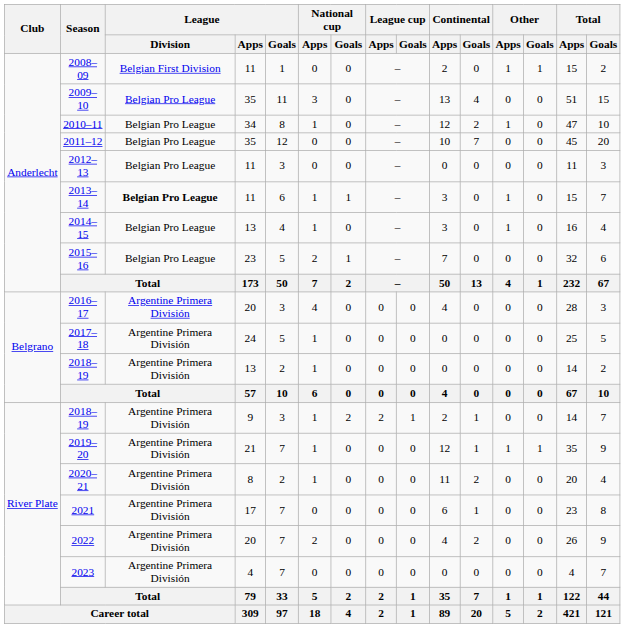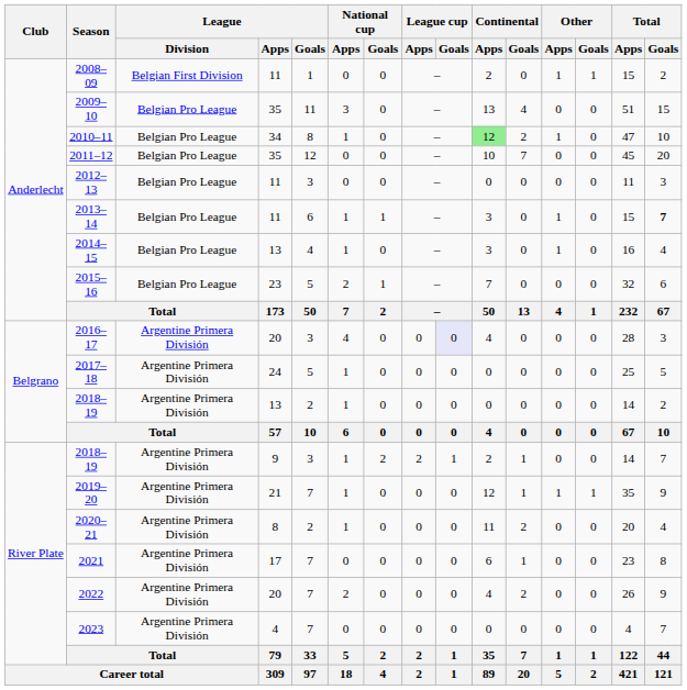 <table class="wikitable" style="text-align:center">
 <tr>
 <th rowspan="2">Club</th>
 <th rowspan="2">Season</th>
 <th colspan="3">League</th>
 <th colspan="2">National cup</th>
 <th colspan="2">League cup</th>
 <th colspan="2">Continental</th>
 <th colspan="2">Other</th>
 <th colspan="2">Total</th>
 </tr>
 <tr>
 <th>Division</th>
 <th>Apps</th>
 <th>Goals</th>
 <th>Apps</th>
 <th>Goals</th>
 <th>Apps</th>
 <th>Goals</th>
 <th>Apps</th>
 <th>Goals</th>
 <th>Apps</th>
 <th>Goals</th>
 <th>Apps</th>
 <th>Goals</th>
 </tr>
 <tr>
 <td rowspan="9"><a href='#'>Anderlecht</a></td>
 <td><a href='#'>2008–09</a></td>
 <td><a href='#'>Belgian First Division</a></td>
 <td>11</td>
 <td>1</td>
 <td>0</td>
 <td>0</td>
 <td colspan="2">–</td>
 <td>2</td>
 <td>0</td>
 <td>1</td>
 <td>1</td>
 <td>15</td>
 <td>2</td>
 </tr>
 <tr>
 <td><a href='#'>2009–10</a></td>
 <td><a href='#'>Belgian Pro League</a></td>
 <td>35</td>
 <td>11</td>
 <td>3</td>
 <td>0</td>
 <td colspan="2">–</td>
 <td>13</td>
 <td>4</td>
 <td>0</td>
 <td>0</td>
 <td>51</td>
 <td>15</td>
 </tr>
 <tr>
 <td><a href='#'>2010–11</a></td>
 <td>Belgian Pro League</td>
 <td>34</td>
 <td>8</td>
 <td>1</td>
 <td>0</td>
 <td colspan="2">–</td>
-<td>12</td>
+<td style="background: lightgreen;">12</td>
 <td>2</td>
 <td>1</td>
 <td>0</td>
 <td>47</td>
 <td>10</td>
 </tr>
 <tr>
 <td><a href='#'>2011–12</a></td>
 <td>Belgian Pro League</td>
 <td>35</td>
 <td>12</td>
 <td>0</td>
 <td>0</td>
 <td colspan="2">–</td>
 <td>10</td>
 <td>7</td>
 <td>0</td>
 <td>0</td>
 <td>45</td>
 <td>20</td>
 </tr>
 <tr>
 <td><a href='#'>2012–13</a></td>
 <td>Belgian Pro League</td>
 <td>11</td>
 <td>3</td>
 <td>0</td>
 <td>0</td>
 <td colspan="2">–</td>
 <td>0</td>
 <td>0</td>
 <td>0</td>
 <td>0</td>
 <td>11</td>
 <td>3</td>
 </tr>
 <tr>
 <td><a href='#'>2013–14</a></td>
-<td><strong>Belgian Pro League</strong></td>
+<td>Belgian Pro League</td>
 <td>11</td>
 <td>6</td>
 <td>1</td>
 <td>1</td>
 <td colspan="2">–</td>
 <td>3</td>
 <td>0</td>
 <td>1</td>
 <td>0</td>
 <td>15</td>
-<td>7</td>
+<td><strong>7</strong></td>
 </tr>
 <tr>
 <td><a href='#'>2014–15</a></td>
 <td>Belgian Pro League</td>
 <td>13</td>
 <td>4</td>
 <td>1</td>
 <td>0</td>
 <td colspan="2">–</td>
 <td>3</td>
 <td>0</td>
 <td>1</td>
 <td>0</td>
 <td>16</td>
 <td>4</td>
 </tr>
 <tr>
 <td><a href='#'>2015–16</a></td>
 <td>Belgian Pro League</td>
 <td>23</td>
 <td>5</td>
 <td>2</td>
 <td>1</td>
 <td colspan="2">–</td>
 <td>7</td>
 <td>0</td>
 <td>0</td>
 <td>0</td>
 <td>32</td>
 <td>6</td>
 </tr>
 <tr>
 <th colspan="2">Total</th>
 <th>173</th>
 <th>50</th>
 <th>7</th>
 <th>2</th>
 <th colspan="2">–</th>
 <th>50</th>
 <th>13</th>
 <th>4</th>
 <th>1</th>
 <th>232</th>
 <th>67</th>
 </tr>
 <tr>
 <td rowspan="4"><a href='#'>Belgrano</a></td>
 <td><a href='#'>2016–17</a></td>
 <td><a href='#'>Argentine Primera División</a></td>
 <td>20</td>
 <td>3</td>
 <td>4</td>
 <td>0</td>
 <td>0</td>
-<td>0</td>
+<td style="background: lavender;">0</td>
 <td>4</td>
 <td>0</td>
 <td>0</td>
 <td>0</td>
 <td>28</td>
 <td>3</td>
 </tr>
 <tr>
 <td><a href='#'>2017–18</a></td>
 <td>Argentine Primera División</td>
 <td>24</td>
 <td>5</td>
 <td>1</td>
 <td>0</td>
 <td>0</td>
 <td>0</td>
 <td>0</td>
 <td>0</td>
 <td>0</td>
 <td>0</td>
 <td>25</td>
 <td>5</td>
 </tr>
 <tr>
 <td><a href='#'>2018–19</a></td>
 <td>Argentine Primera División</td>
 <td>13</td>
 <td>2</td>
 <td>1</td>
 <td>0</td>
 <td>0</td>
 <td>0</td>
 <td>0</td>
 <td>0</td>
 <td>0</td>
 <td>0</td>
 <td>14</td>
 <td>2</td>
 </tr>
 <tr>
 <th colspan="2">Total</th>
 <th>57</th>
 <th>10</th>
 <th>6</th>
 <th>0</th>
 <th>0</th>
 <th>0</th>
 <th>4</th>
 <th>0</th>
 <th>0</th>
 <th>0</th>
 <th>67</th>
 <th>10</th>
 </tr>
 <tr>
 <td rowspan="7"><a href='#'>River Plate</a></td>
 <td><a href='#'>2018–19</a></td>
 <td>Argentine Primera División</td>
 <td>9</td>
 <td>3</td>
 <td>1</td>
 <td>2</td>
 <td>2</td>
 <td>1</td>
 <td>2</td>
 <td>1</td>
 <td>0</td>
 <td>0</td>
 <td>14</td>
 <td>7</td>
 </tr>
 <tr>
 <td><a href='#'>2019–20</a></td>
 <td>Argentine Primera División</td>
 <td>21</td>
 <td>7</td>
 <td>1</td>
 <td>0</td>
 <td>0</td>
 <td>0</td>
 <td>12</td>
 <td>1</td>
 <td>1</td>
 <td>1</td>
 <td>35</td>
 <td>9</td>
 </tr>
 <tr>
 <td><a href='#'>2020–21</a></td>
 <td>Argentine Primera División</td>
 <td>8</td>
 <td>2</td>
 <td>1</td>
 <td>0</td>
 <td>0</td>
 <td>0</td>
 <td>11</td>
 <td>2</td>
 <td>0</td>
 <td>0</td>
 <td>20</td>
 <td>4</td>
 </tr>
 <tr>
 <td><a href='#'>2021</a></td>
 <td>Argentine Primera División</td>
 <td>17</td>
 <td>7</td>
 <td>0</td>
 <td>0</td>
 <td>0</td>
 <td>0</td>
 <td>6</td>
 <td>1</td>
 <td>0</td>
 <td>0</td>
 <td>23</td>
 <td>8</td>
 </tr>
 <tr>
 <td><a href='#'>2022</a></td>
 <td>Argentine Primera División</td>
 <td>20</td>
 <td>7</td>
 <td>2</td>
 <td>0</td>
 <td>0</td>
 <td>0</td>
 <td>4</td>
 <td>2</td>
 <td>0</td>
 <td>0</td>
 <td>26</td>
 <td>9</td>
 </tr>
 <tr>
 <td><a href='#'>2023</a></td>
 <td>Argentine Primera División</td>
 <td>4</td>
 <td>7</td>
 <td>0</td>
 <td>0</td>
 <td>0</td>
 <td>0</td>
 <td>0</td>
 <td>0</td>
 <td>0</td>
 <td>0</td>
 <td>4</td>
 <td>7</td>
 </tr>
 <tr>
 <th colspan="2">Total</th>
 <th>79</th>
 <th>33</th>
 <th>5</th>
 <th>2</th>
 <th>2</th>
 <th>1</th>
 <th>35</th>
 <th>7</th>
 <th>1</th>
 <th>1</th>
 <th>122</th>
 <th>44</th>
 </tr>
 <tr>
 <th colspan="3">Career total</th>
 <th>309</th>
 <th>97</th>
 <th>18</th>
 <th>4</th>
 <th>2</th>
 <th>1</th>
 <th>89</th>
 <th>20</th>
 <th>5</th>
 <th>2</th>
 <th>421</th>
 <th>121</th>
 </tr>
 </table>
